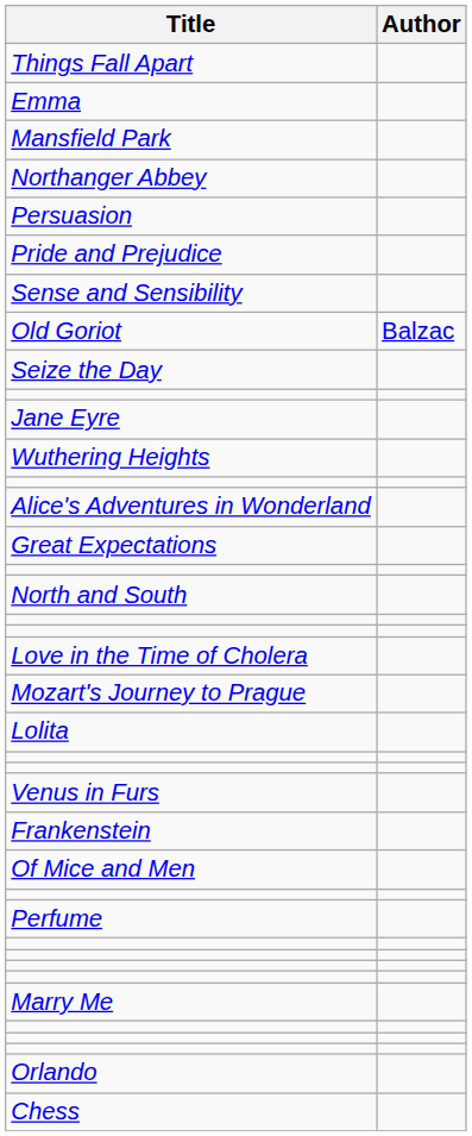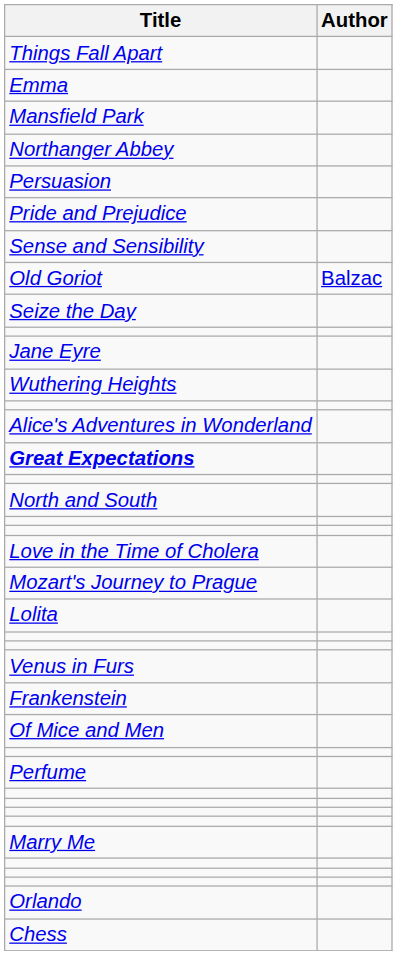 <table class="wikitable sortable">
 <tr>
 <th scope="col">Title</th>
 <th scope="col">Author</th>
 </tr>
 <tr>
 <td><em><a href='#'>Things Fall Apart</a></em></td>
 <td></td>
 </tr>
 <tr>
 <td><a href='#'><em>Emma</em></a></td>
 <td></td>
 </tr>
 <tr>
 <td><em><a href='#'>Mansfield Park</a></em></td>
 <td></td>
 </tr>
 <tr>
 <td><em><a href='#'>Northanger Abbey</a></em></td>
 <td></td>
 </tr>
 <tr>
 <td><a href='#'><em>Persuasion</em></a></td>
 <td></td>
 </tr>
 <tr>
 <td><em><a href='#'>Pride and Prejudice</a></em></td>
 <td></td>
 </tr>
 <tr>
 <td><em><a href='#'>Sense and Sensibility</a></em></td>
 <td></td>
 </tr>
 <tr>
 <td><em><a href='#'>Old Goriot</a></em></td>
 <td><a href='#'>Balzac</a></td>
 </tr>
 <tr>
 <td><a href='#'><em>Seize the Day</em></a></td>
 <td></td>
 </tr>
 <tr>
 <td><em></em></td>
 <td></td>
 </tr>
 <tr>
 <td><em><a href='#'>Jane Eyre</a></em></td>
 <td></td>
 </tr>
 <tr>
 <td><em><a href='#'>Wuthering Heights</a></em></td>
 <td></td>
 </tr>
 <tr>
 <td><em></em></td>
 <td></td>
 </tr>
 <tr>
 <td><em><a href='#'>Alice's Adventures in Wonderland</a></em></td>
 <td></td>
 </tr>
 <tr>
-<td><em><a href='#'>Great Expectations</a></em></td>
+<td><strong><em><a href='#'>Great Expectations</a></em></strong></td>
 <td></td>
 </tr>
 <tr>
 <td><em></em></td>
 <td></td>
 </tr>
 <tr>
 <td><a href='#'><em>North and South</em></a></td>
 <td></td>
 </tr>
 <tr>
 <td><em></em></td>
 <td></td>
 </tr>
 <tr>
 <td><em></em></td>
 <td></td>
 </tr>
 <tr>
 <td><em><a href='#'>Love in the Time of Cholera</a></em></td>
 <td></td>
 </tr>
 <tr>
 <td><em><a href='#'>Mozart's Journey to Prague</a></em></td>
 <td></td>
 </tr>
 <tr>
 <td><em><a href='#'>Lolita</a></em></td>
 <td></td>
 </tr>
 <tr>
 <td><em></em></td>
 <td></td>
 </tr>
 <tr>
 <td><em></em></td>
 <td></td>
 </tr>
 <tr>
 <td><em><a href='#'>Venus in Furs</a></em></td>
 <td></td>
 </tr>
 <tr>
 <td><em><a href='#'>Frankenstein</a></em></td>
 <td></td>
 </tr>
 <tr>
 <td><em><a href='#'>Of Mice and Men</a></em></td>
 <td></td>
 </tr>
 <tr>
 <td><em></em></td>
 <td></td>
 </tr>
 <tr>
 <td><a href='#'><em>Perfume</em></a></td>
 <td></td>
 </tr>
 <tr>
 <td><em></em></td>
 <td></td>
 </tr>
 <tr>
 <td><em></em></td>
 <td></td>
 </tr>
 <tr>
 <td><em></em></td>
 <td></td>
 </tr>
 <tr>
 <td><em></em></td>
 <td></td>
 </tr>
 <tr>
 <td><a href='#'><em>Marry Me</em></a></td>
 <td></td>
 </tr>
 <tr>
 <td><em></em></td>
 <td></td>
 </tr>
 <tr>
 <td><em></em></td>
 <td></td>
 </tr>
 <tr>
 <td><em></em></td>
 <td></td>
 </tr>
 <tr>
 <td><a href='#'><em>Orlando</em></a></td>
 <td></td>
 </tr>
 <tr>
 <td><a href='#'><em>Chess</em></a></td>
 <td></td>
 </tr>
 </table>
